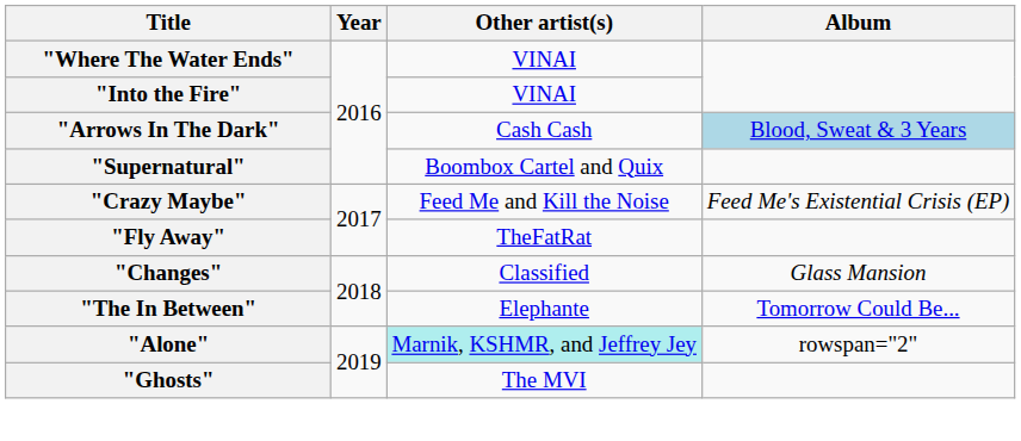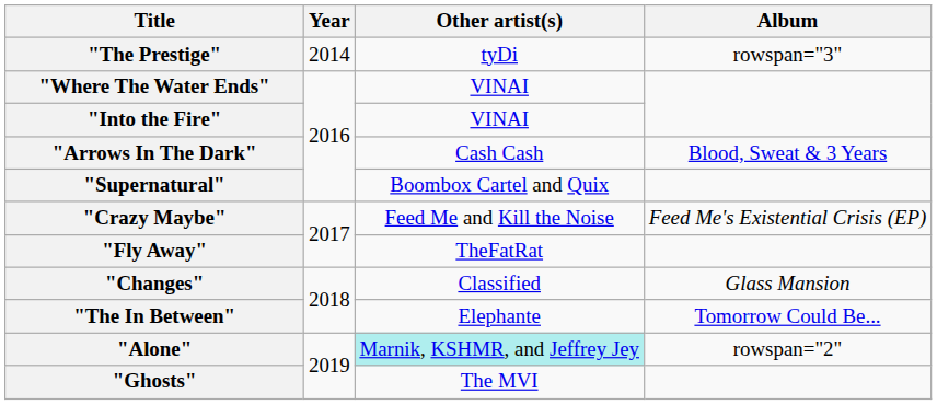 <table class="wikitable plainrowheaders" style="text-align:center;">
 <tr>
 <th scope="col" style="width:14em;">Title</th>
 <th scope="col">Year</th>
 <th scope="col">Other artist(s)</th>
 <th scope="col">Album</th>
+</tr>
+<tr>
+<th scope="row">"The Prestige"</th>
+<td>2014</td>
+<td><a href='#'>tyDi</a></td>
+<td>rowspan="3" </td>
 </tr>
 <tr>
 <th scope="row">"Where The Water Ends"</th>
 <td rowspan="4">2016</td>
 <td><a href='#'>VINAI</a></td>
 </tr>
 <tr>
 <th scope="row">"Into the Fire"</th>
 <td><a href='#'>VINAI</a></td>
 </tr>
 <tr>
 <th scope="row">"Arrows In The Dark"</th>
 <td><a href='#'>Cash Cash</a></td>
-<td style="background: lightblue;"><a href='#'>Blood, Sweat & 3 Years</a></td>
+<td><a href='#'>Blood, Sweat & 3 Years</a></td>
 </tr>
 <tr>
 <th scope="row">"Supernatural"</th>
 <td><a href='#'>Boombox Cartel</a> and <a href='#'>Quix</a></td>
 <td></td>
 </tr>
 <tr>
 <th scope="row">"Crazy Maybe"</th>
 <td rowspan="2">2017</td>
 <td><a href='#'>Feed Me</a> and <a href='#'>Kill the Noise</a></td>
 <td><em>Feed Me's Existential Crisis (EP)</em></td>
 </tr>
 <tr>
 <th scope="row">"Fly Away"</th>
 <td><a href='#'>TheFatRat</a></td>
 <td></td>
 </tr>
 <tr>
 <th scope="row">"Changes"</th>
 <td rowspan="2">2018</td>
 <td><a href='#'>Classified</a></td>
 <td><em>Glass Mansion</em></td>
 </tr>
 <tr>
 <th scope="row">"The In Between"</th>
 <td><a href='#'>Elephante</a></td>
 <td><a href='#'>Tomorrow Could Be...</a></td>
 </tr>
 <tr>
 <th scope="row">"Alone"</th>
 <td rowspan="2">2019</td>
 <td style="background: paleturquoise;"><a href='#'>Marnik</a>, <a href='#'>KSHMR</a>, and <a href='#'>Jeffrey Jey</a></td>
 <td>rowspan="2" </td>
 </tr>
 <tr>
 <th scope="row">"Ghosts"</th>
 <td><a href='#'>The MVI</a></td>
 </tr>
 </table>
